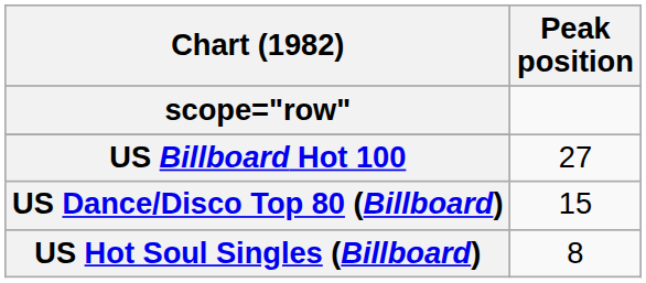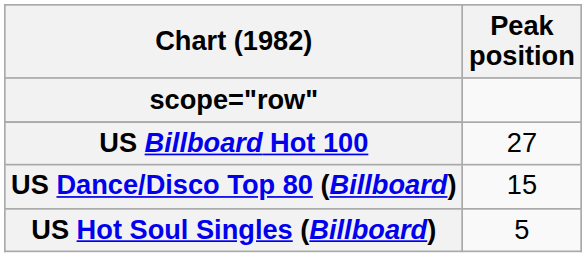 <table class="wikitable sortable plainrowheaders" style="text-align:center">
 <tr>
 <th>Chart (1982)</th>
 <th>Peak<br>position</th>
 </tr>
 <tr>
 <th>scope="row"</th>
 </tr>
 <tr>
 </tr>
 <tr>
 <th scope="row">US <a href='#'><em>Billboard</em> Hot 100</a></th>
 <td>27</td>
 </tr>
 <tr>
 <th scope="row">US <a href='#'>Dance/Disco Top 80</a> (<em><a href='#'>Billboard</a></em>)</th>
 <td>15</td>
 </tr>
 <tr>
 <th scope="row">US <a href='#'>Hot Soul Singles</a> (<em><a href='#'>Billboard</a></em>)</th>
-<td>8</td>
+<td>5</td>
 </tr>
 </table>
